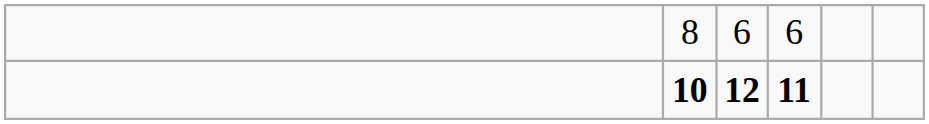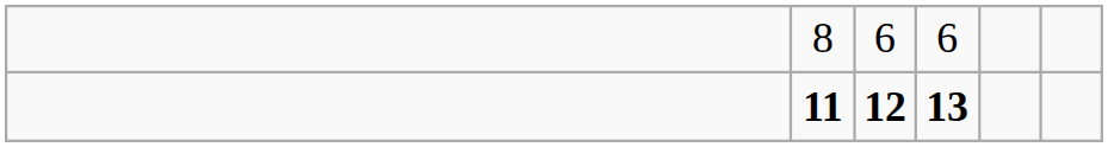 <table class="wikitable">
 <tr>
 <td style="width:18em"></td>
 <td align=center style="width:1em">8</td>
 <td align=center style="width:1em">6</td>
 <td align=center style="width:1em">6</td>
 <td align=center style="width:1em"></td>
 <td align=center style="width:1em"></td>
 </tr>
 <tr>
 <td style="width:18em"><strong></strong></td>
-<td align=center style="width:1em"><strong>10</strong></td>
+<td align=center style="width:1em"><strong>11</strong></td>
 <td align=center style="width:1em"><strong>12</strong></td>
-<td align=center style="width:1em"><strong>11</strong></td>
+<td align=center style="width:1em"><strong>13</strong></td>
 <td align=center style="width:1em"></td>
 <td align=center style="width:1em"></td>
 </tr>
 </table>
